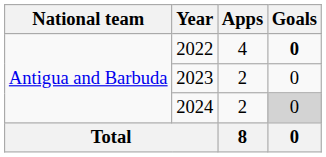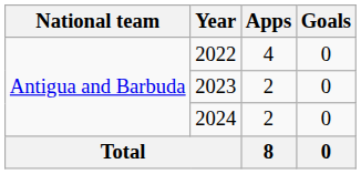 <table class="wikitable" style="text-align: center;">
 <tr>
 <th>National team</th>
 <th>Year</th>
 <th>Apps</th>
 <th>Goals</th>
 </tr>
 <tr>
 <td rowspan="3"><a href='#'>Antigua and Barbuda</a></td>
 <td>2022</td>
 <td>4</td>
-<td><strong>0</strong></td>
+<td>0</td>
 </tr>
 <tr>
 <td>2023</td>
 <td>2</td>
 <td>0</td>
 </tr>
 <tr>
 <td>2024</td>
 <td>2</td>
-<td style="background: lightgrey;">0</td>
+<td>0</td>
 </tr>
 <tr>
 <th colspan="2">Total</th>
 <th>8</th>
 <th>0</th>
 </tr>
 </table>
